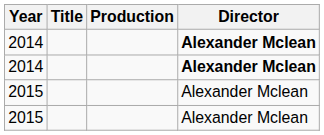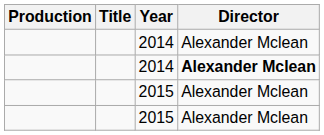 <table class="wikitable sortable">
 <tr>
+<th>Production</th>
+<th>Title</th>
 <th>Year</th>
-<th>Title</th>
-<th>Production</th>
 <th>Director</th>
 </tr>
 <tr>
+<td></td>
+<td><em></em></td>
 <td>2014</td>
+<td>Alexander Mclean</td>
+</tr>
+<tr>
+<td></td>
 <td><em></em></td>
-<td></td>
+<td>2014</td>
 <td><strong>Alexander Mclean</strong></td>
 </tr>
 <tr>
-<td>2014</td>
+<td></td>
 <td><em></em></td>
-<td></td>
-<td><strong>Alexander Mclean</strong></td>
-</tr>
-<tr>
 <td>2015</td>
-<td><em></em></td>
-<td></td>
 <td>Alexander Mclean</td>
 </tr>
 <tr>
+<td></td>
+<td><em></em></td>
 <td>2015</td>
-<td><em></em></td>
-<td></td>
 <td>Alexander Mclean</td>
 </tr>
 </table>
